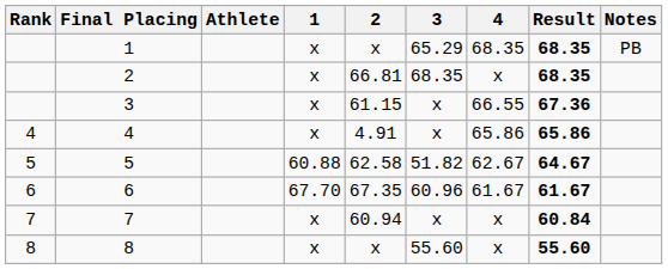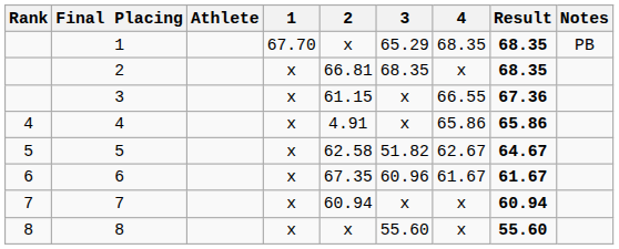 <table class="wikitable sortable" style="text-align:center">
 <tr>
 <th>Rank</th>
 <th>Final Placing</th>
 <th>Athlete</th>
 <th>1</th>
 <th>2</th>
 <th>3</th>
 <th>4</th>
 <th>Result</th>
 <th>Notes</th>
 </tr>
 <tr>
 <td></td>
 <td>1</td>
 <td align=left></td>
-<td>x</td>
+<td>67.70</td>
 <td>x</td>
 <td>65.29</td>
 <td>68.35</td>
 <td><strong>68.35</strong></td>
 <td>PB</td>
 </tr>
 <tr>
 <td></td>
 <td>2</td>
 <td align=left></td>
 <td>x</td>
 <td>66.81</td>
 <td>68.35</td>
 <td>x</td>
 <td><strong>68.35</strong></td>
 <td></td>
 </tr>
 <tr>
 <td></td>
 <td>3</td>
 <td align=left></td>
 <td>x</td>
 <td>61.15</td>
 <td>x</td>
 <td>66.55</td>
 <td><strong>67.36</strong></td>
 <td></td>
 </tr>
 <tr>
 <td>4</td>
 <td>4</td>
 <td align=left></td>
 <td>x</td>
 <td>4.91</td>
 <td>x</td>
 <td>65.86</td>
 <td><strong>65.86</strong></td>
 <td></td>
 </tr>
 <tr>
 <td>5</td>
 <td>5</td>
 <td align=left></td>
-<td>60.88</td>
+<td>x</td>
 <td>62.58</td>
 <td>51.82</td>
 <td>62.67</td>
 <td><strong>64.67</strong></td>
 <td></td>
 </tr>
 <tr>
 <td>6</td>
 <td>6</td>
 <td align=left></td>
-<td>67.70</td>
+<td>x</td>
 <td>67.35</td>
 <td>60.96</td>
 <td>61.67</td>
 <td><strong>61.67</strong></td>
 <td></td>
 </tr>
 <tr>
 <td>7</td>
 <td>7</td>
 <td align=left></td>
 <td>x</td>
 <td>60.94</td>
 <td>x</td>
 <td>x</td>
-<td><strong>60.84</strong></td>
+<td><strong>60.94</strong></td>
 <td></td>
 </tr>
 <tr>
 <td>8</td>
 <td>8</td>
 <td align=left></td>
 <td>x</td>
 <td>x</td>
 <td>55.60</td>
 <td>x</td>
 <td><strong>55.60</strong></td>
 <td></td>
 </tr>
 </table>
